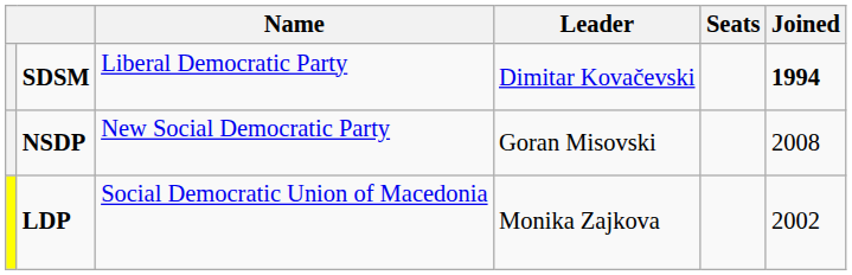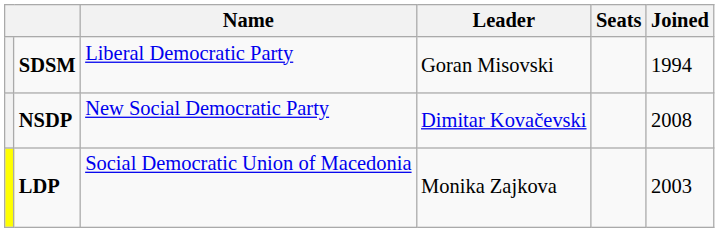 <table class="wikitable" style="text-align:left;">
 <tr>
 <th colspan="2"></th>
 <th>Name</th>
 <th>Leader</th>
 <th>Seats</th>
 <th>Joined</th>
 </tr>
 <tr>
 <th style="background-color:"></th>
 <td><strong>SDSM</strong></td>
 <td><a href='#'>Liberal Democratic Party</a><br><br></td>
-<td><a href='#'>Dimitar Kovačevski</a></td>
+<td>Goran Misovski</td>
 <td></td>
-<td><strong>1994</strong></td>
+<td>1994</td>
 </tr>
 <tr>
 <th style="background-color:"></th>
 <td><strong>NSDP</strong></td>
 <td><a href='#'>New Social Democratic Party</a><br><br></td>
-<td>Goran Misovski</td>
+<td><a href='#'>Dimitar Kovačevski</a></td>
 <td></td>
 <td>2008</td>
 </tr>
 <tr>
 <th style="background-color:#FFFF00;"></th>
 <td><strong>LDP</strong></td>
 <td><a href='#'>Social Democratic Union of Macedonia</a><br><br><br></td>
 <td>Monika Zajkova</td>
 <td></td>
-<td>2002</td>
+<td>2003</td>
 </tr>
 </table>
